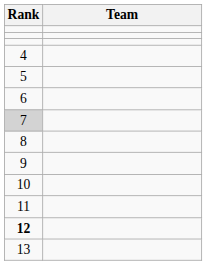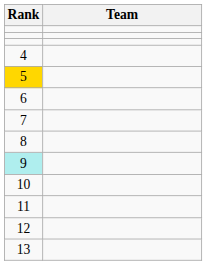 <table class=wikitable style="text-align:center;">
 <tr>
 <th>Rank</th>
 <th width=180>Team</th>
 </tr>
 <tr>
 <td></td>
 <td align=left></td>
 </tr>
 <tr>
 <td></td>
 <td align=left></td>
 </tr>
 <tr>
 <td></td>
 <td align=left></td>
 </tr>
 <tr>
 <td>4</td>
 <td align=left></td>
 </tr>
 <tr>
-<td>5</td>
+<td style="background: gold;">5</td>
 <td align=left></td>
 </tr>
 <tr>
 <td>6</td>
 <td align=left></td>
 </tr>
 <tr>
-<td style="background: lightgrey;">7</td>
+<td>7</td>
 <td align=left></td>
 </tr>
 <tr>
 <td>8</td>
 <td align=left></td>
 </tr>
 <tr>
-<td>9</td>
+<td style="background: paleturquoise;">9</td>
 <td align=left></td>
 </tr>
 <tr>
 <td>10</td>
 <td align=left></td>
 </tr>
 <tr>
 <td>11</td>
 <td align=left></td>
 </tr>
 <tr>
-<td><strong>12</strong></td>
+<td>12</td>
 <td align=left></td>
 </tr>
 <tr>
 <td>13</td>
 <td align=left></td>
 </tr>
 </table>
